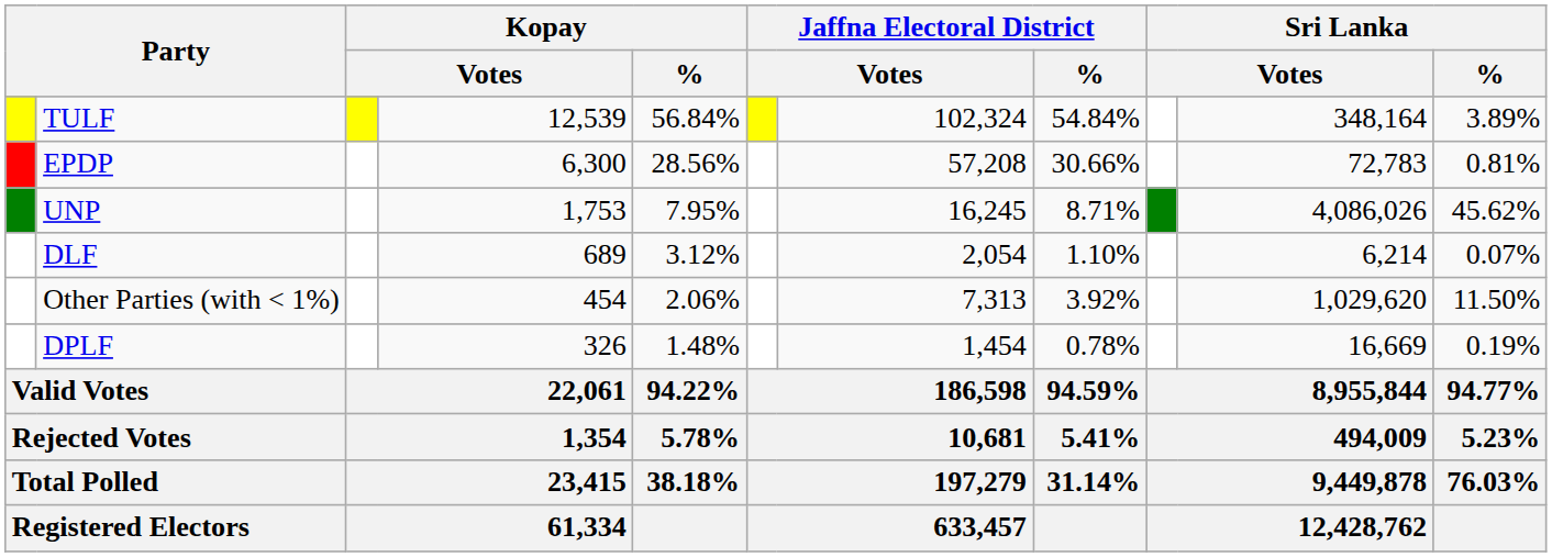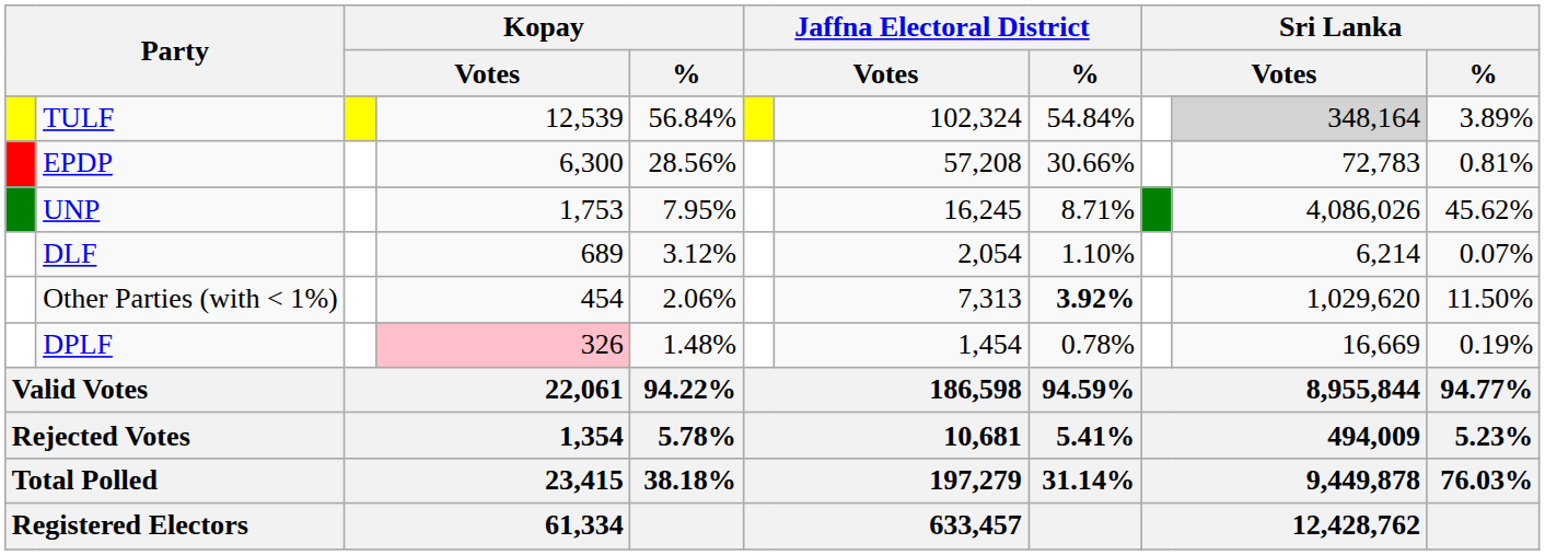 <table class="wikitable">
 <tr>
 <th colspan="2" width="144px"rowspan="2">Party</th>
 <th colspan="3" width="216px">Kopay</th>
 <th colspan="3" width="216px"><a href='#'>Jaffna Electoral District</a></th>
 <th colspan="3" width="216px">Sri Lanka</th>
 </tr>
 <tr>
 <th colspan="2" width="144px">Votes</th>
 <th>%</th>
 <th colspan="2" width="144px">Votes</th>
 <th>%</th>
 <th colspan="2" width="144px">Votes</th>
 <th>%</th>
 </tr>
 <tr>
 <td style="background-color:yellow;" width="10px"></td>
 <td style="text-align:left;"><a href='#'>TULF</a></td>
 <td style="background-color:yellow;" width="10px"></td>
 <td style="text-align:right;">12,539</td>
 <td style="text-align:right;">56.84%</td>
 <td style="background-color:yellow;" width="10px"></td>
 <td style="text-align:right;">102,324</td>
 <td style="text-align:right;">54.84%</td>
 <td style="background-color:white;" width="10px"></td>
-<td style="text-align:right;">348,164</td>
+<td style="background: lightgrey; text-align:right;">348,164</td>
 <td style="text-align:right;">3.89%</td>
 </tr>
 <tr>
 <td style="background-color:red;" width="10px"></td>
 <td style="text-align:left;"><a href='#'>EPDP</a></td>
 <td style="background-color:white;" width="10px"></td>
 <td style="text-align:right;">6,300</td>
 <td style="text-align:right;">28.56%</td>
 <td style="background-color:white;" width="10px"></td>
 <td style="text-align:right;">57,208</td>
 <td style="text-align:right;">30.66%</td>
 <td style="background-color:white;" width="10px"></td>
 <td style="text-align:right;">72,783</td>
 <td style="text-align:right;">0.81%</td>
 </tr>
 <tr>
 <td style="background-color:green;" width="10px"></td>
 <td style="text-align:left;"><a href='#'>UNP</a></td>
 <td style="background-color:white;" width="10px"></td>
 <td style="text-align:right;">1,753</td>
 <td style="text-align:right;">7.95%</td>
 <td style="background-color:white;" width="10px"></td>
 <td style="text-align:right;">16,245</td>
 <td style="text-align:right;">8.71%</td>
 <td style="background-color:green;" width="10px"></td>
 <td style="text-align:right;">4,086,026</td>
 <td style="text-align:right;">45.62%</td>
 </tr>
 <tr>
 <td style="background-color:white;" width="10px"></td>
 <td style="text-align:left;"><a href='#'>DLF</a></td>
 <td style="background-color:white;" width="10px"></td>
 <td style="text-align:right;">689</td>
 <td style="text-align:right;">3.12%</td>
 <td style="background-color:white;" width="10px"></td>
 <td style="text-align:right;">2,054</td>
 <td style="text-align:right;">1.10%</td>
 <td style="background-color:white;" width="10px"></td>
 <td style="text-align:right;">6,214</td>
 <td style="text-align:right;">0.07%</td>
 </tr>
 <tr>
 <td style="background-color:white;" width="10px"></td>
 <td style="text-align:left;">Other Parties (with < 1%)</td>
 <td style="background-color:white;" width="10px"></td>
 <td style="text-align:right;">454</td>
 <td style="text-align:right;">2.06%</td>
 <td style="background-color:white;" width="10px"></td>
 <td style="text-align:right;">7,313</td>
-<td style="text-align:right;">3.92%</td>
+<td style="text-align:right;"><strong>3.92%</strong></td>
 <td style="background-color:white;" width="10px"></td>
 <td style="text-align:right;">1,029,620</td>
 <td style="text-align:right;">11.50%</td>
 </tr>
 <tr>
 <td style="background-color:white;" width="10px"></td>
 <td style="text-align:left;"><a href='#'>DPLF</a></td>
 <td style="background-color:white;" width="10px"></td>
-<td style="text-align:right;">326</td>
+<td style="background: pink; text-align:right;">326</td>
 <td style="text-align:right;">1.48%</td>
 <td style="background-color:white;" width="10px"></td>
 <td style="text-align:right;">1,454</td>
 <td style="text-align:right;">0.78%</td>
 <td style="background-color:white;" width="10px"></td>
 <td style="text-align:right;">16,669</td>
 <td style="text-align:right;">0.19%</td>
 </tr>
 <tr>
 <th colspan="2" width="144px"style="text-align:left;">Valid Votes</th>
 <th style="text-align:right;"colspan="2" width="144px">22,061</th>
 <th style="text-align:right;">94.22%</th>
 <th style="text-align:right;"colspan="2" width="144px">186,598</th>
 <th style="text-align:right;">94.59%</th>
 <th style="text-align:right;"colspan="2" width="144px">8,955,844</th>
 <th style="text-align:right;">94.77%</th>
 </tr>
 <tr>
 <th colspan="2" width="144px"style="text-align:left;">Rejected Votes</th>
 <th style="text-align:right;"colspan="2" width="144px">1,354</th>
 <th style="text-align:right;">5.78%</th>
 <th style="text-align:right;"colspan="2" width="144px">10,681</th>
 <th style="text-align:right;">5.41%</th>
 <th style="text-align:right;"colspan="2" width="144px">494,009</th>
 <th style="text-align:right;">5.23%</th>
 </tr>
 <tr>
 <th colspan="2" width="144px"style="text-align:left;">Total Polled</th>
 <th style="text-align:right;"colspan="2" width="144px">23,415</th>
 <th style="text-align:right;">38.18%</th>
 <th style="text-align:right;"colspan="2" width="144px">197,279</th>
 <th style="text-align:right;">31.14%</th>
 <th style="text-align:right;"colspan="2" width="144px">9,449,878</th>
 <th style="text-align:right;">76.03%</th>
 </tr>
 <tr>
 <th colspan="2" width="144px"style="text-align:left;">Registered Electors</th>
 <th style="text-align:right;"colspan="2" width="144px">61,334</th>
 <th></th>
 <th style="text-align:right;"colspan="2" width="144px">633,457</th>
 <th></th>
 <th style="text-align:right;"colspan="2" width="144px">12,428,762</th>
 <th></th>
 </tr>
 </table>
